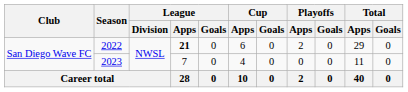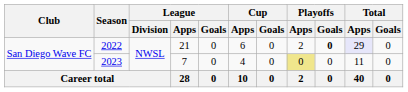 <table class="wikitable" style="text-align: center;">
 <tr>
 <th rowspan="2">Club</th>
 <th rowspan="2">Season</th>
 <th colspan="3">League</th>
 <th colspan="2">Cup</th>
 <th colspan="2">Playoffs</th>
 <th colspan="2">Total</th>
 </tr>
 <tr>
 <th>Division</th>
 <th>Apps</th>
 <th>Goals</th>
 <th>Apps</th>
 <th>Goals</th>
 <th>Apps</th>
 <th>Goals</th>
 <th>Apps</th>
 <th>Goals</th>
 </tr>
 <tr>
 <td rowspan="2"><a href='#'>San Diego Wave FC</a></td>
 <td><a href='#'>2022</a></td>
 <td rowspan="2"><a href='#'>NWSL</a></td>
-<td><strong>21</strong></td>
+<td>21</td>
 <td>0</td>
 <td>6</td>
 <td>0</td>
 <td>2</td>
-<td>0</td>
-<td>29</td>
+<td><strong>0</strong></td>
+<td style="background: lavender;">29</td>
 <td>0</td>
 </tr>
 <tr>
 <td><a href='#'>2023</a></td>
 <td>7</td>
 <td>0</td>
 <td>4</td>
 <td>0</td>
-<td>0</td>
+<td style="background: khaki;">0</td>
 <td>0</td>
 <td>11</td>
 <td>0</td>
 </tr>
 <tr>
 <th colspan="3">Career total</th>
 <th>28</th>
 <th>0</th>
 <th>10</th>
 <th>0</th>
 <th>2</th>
 <th>0</th>
 <th>40</th>
 <th>0</th>
 </tr>
 </table>
